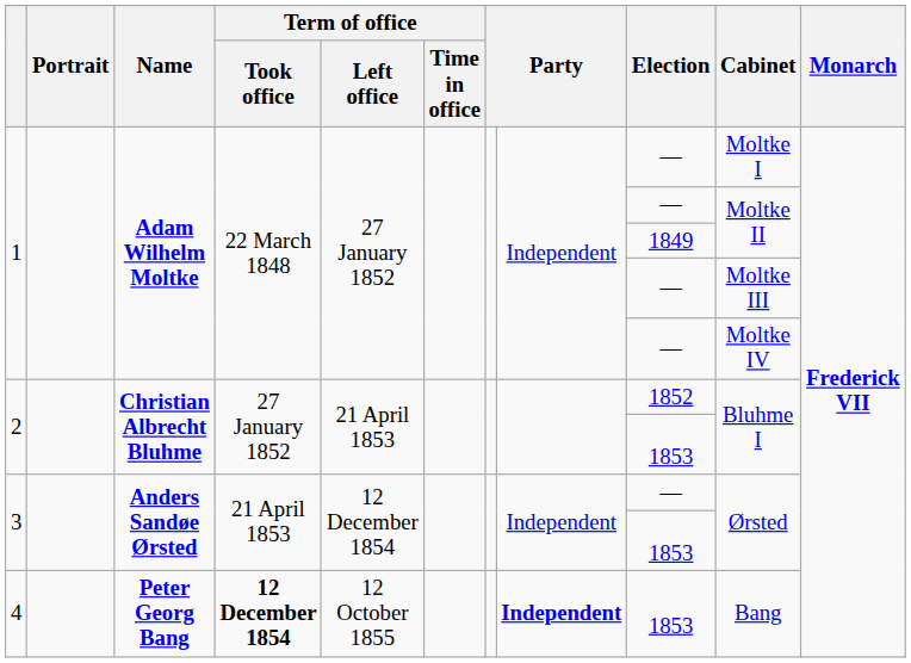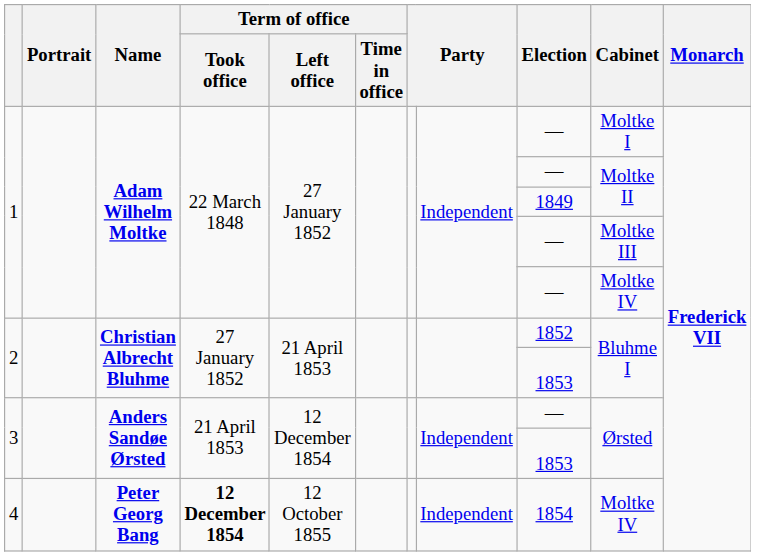 <table class="wikitable" style="text-align:center">
 <tr>
 <th rowspan=2></th>
 <th rowspan=2>Portrait</th>
 <th rowspan=2>Name<br></th>
 <th colspan=3>Term of office</th>
 <th colspan=2 rowspan=2>Party</th>
 <th rowspan=2>Election</th>
 <th rowspan=2>Cabinet<br></th>
 <th rowspan=2><a href='#'>Monarch</a><br></th>
 </tr>
 <tr>
 <th>Took office</th>
 <th>Left office</th>
 <th>Time in office</th>
 </tr>
 <tr>
 <td rowspan="5">1</td>
 <td rowspan="5"></td>
 <td rowspan="5"><strong><a href='#'>Adam Wilhelm Moltke</a></strong><br></td>
 <td rowspan="5">22 March 1848</td>
 <td rowspan="5">27 January 1852</td>
 <td rowspan="5"></td>
 <td rowspan="5" style="background:"></td>
 <td rowspan="5"><a href='#'>Independent</a></td>
 <td>—</td>
 <td><a href='#'>Moltke I</a><br></td>
 <td rowspan="10"><strong><a href='#'>Frederick VII</a></strong><br></td>
 </tr>
 <tr>
 <td>—</td>
 <td rowspan="2"><a href='#'>Moltke II</a><br></td>
 </tr>
 <tr>
 <td><a href='#'>1849</a></td>
 </tr>
 <tr>
 <td>—</td>
 <td><a href='#'>Moltke III</a><br></td>
 </tr>
 <tr>
 <td>—</td>
 <td><a href='#'>Moltke IV</a><br></td>
 </tr>
 <tr>
 <td rowspan="2">2</td>
 <td rowspan="2"></td>
 <td rowspan="2"><strong><a href='#'>Christian Albrecht Bluhme</a></strong><br></td>
 <td rowspan="2">27 January 1852</td>
 <td rowspan="2">21 April 1853</td>
 <td rowspan="2"></td>
 <td rowspan="2" style="background:"></td>
 <td rowspan="2"></td>
 <td><a href='#'>1852</a></td>
 <td rowspan="2"><a href='#'>Bluhme I</a><br></td>
 </tr>
 <tr>
 <td><a href='#'><br>1853</a></td>
 </tr>
 <tr>
 <td rowspan="2">3</td>
 <td rowspan="2"></td>
 <td rowspan="2"><strong><a href='#'>Anders Sandøe Ørsted</a></strong><br></td>
 <td rowspan="2">21 April 1853</td>
 <td rowspan="2">12 December 1854</td>
 <td rowspan="2"></td>
 <td rowspan="2" style="background:"></td>
 <td rowspan="2"><a href='#'>Independent</a></td>
 <td>—</td>
 <td rowspan="2"><a href='#'>Ørsted</a><br></td>
 </tr>
 <tr>
 <td><a href='#'><br>1853</a></td>
 </tr>
 <tr>
 <td>4</td>
 <td></td>
 <td><strong><a href='#'>Peter Georg Bang</a></strong><br></td>
 <td><strong>12 December 1854</strong></td>
 <td>12 October 1855</td>
 <td></td>
 <td style="background:"></td>
-<td><strong><a href='#'>Independent</a></strong></td>
-<td><a href='#'><br>1853</a></td>
-<td><a href='#'>Bang</a><br></td>
+<td><a href='#'>Independent</a></td>
+<td><a href='#'>1854</a></td>
+<td><a href='#'>Moltke IV</a><br></td>
 </tr>
 </table>
